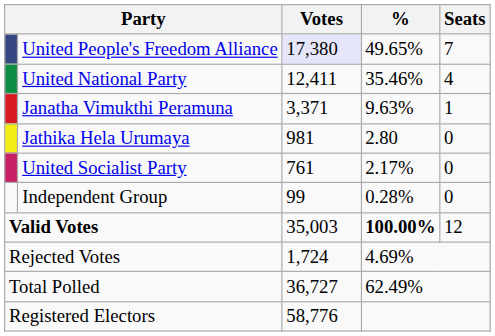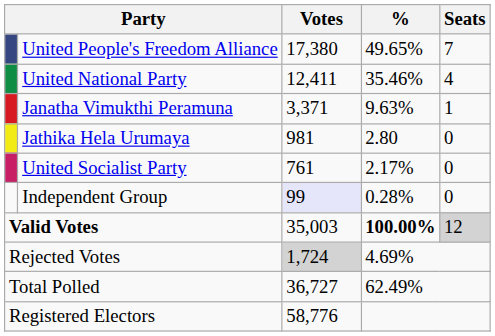 <table class="wikitable" border="1" style="text-align:left;">
 <tr>
 <th colspan="2" valign="bottom" align="left">Party</th>
 <th valign="bottom" align="center" width="60">Votes</th>
 <th valign="bottom" align="center" width="50">%</th>
 <th valign="bottom" align="center">Seats</th>
 </tr>
 <tr>
 <td bgcolor="#364680"> </td>
 <td align="left"><a href='#'>United People's Freedom Alliance</a></td>
-<td style="background: lavender;">17,380</td>
+<td>17,380</td>
 <td>49.65%</td>
 <td>7</td>
 </tr>
 <tr>
 <td bgcolor="#108D44"> </td>
 <td align="left"><a href='#'>United National Party</a></td>
 <td>12,411</td>
 <td>35.46%</td>
 <td>4</td>
 </tr>
 <tr>
 <td bgcolor="#D71921"> </td>
 <td align="left"><a href='#'>Janatha Vimukthi Peramuna</a></td>
 <td>3,371</td>
 <td>9.63%</td>
 <td>1</td>
 </tr>
 <tr>
 <td bgcolor="#F2EB15"> </td>
 <td><a href='#'>Jathika Hela Urumaya</a></td>
 <td>981</td>
 <td>2.80</td>
 <td>0</td>
 </tr>
 <tr>
 <td bgcolor="#C71E65"> </td>
 <td><a href='#'>United Socialist Party</a></td>
 <td>761</td>
 <td>2.17%</td>
 <td>0</td>
 </tr>
 <tr>
 <td></td>
 <td>Independent Group</td>
-<td>99</td>
+<td style="background: lavender;">99</td>
 <td>0.28%</td>
 <td>0</td>
 </tr>
 <tr>
 <td colspan="2" align="left"><strong>Valid Votes</strong></td>
 <td>35,003</td>
 <td><strong>100.00%</strong></td>
-<td>12</td>
+<td style="background: lightgrey;">12</td>
 </tr>
 <tr>
 <td colspan="2" align="left">Rejected Votes</td>
-<td>1,724</td>
+<td style="background: lightgrey;">1,724</td>
 <td colspan="2">4.69%</td>
 </tr>
 <tr>
 <td colspan="2" align="left">Total Polled</td>
 <td>36,727</td>
 <td colspan="2">62.49%</td>
 </tr>
 <tr>
 <td colspan="2" align="left">Registered Electors</td>
 <td>58,776</td>
 <td colspan="2"></td>
 </tr>
 </table>
